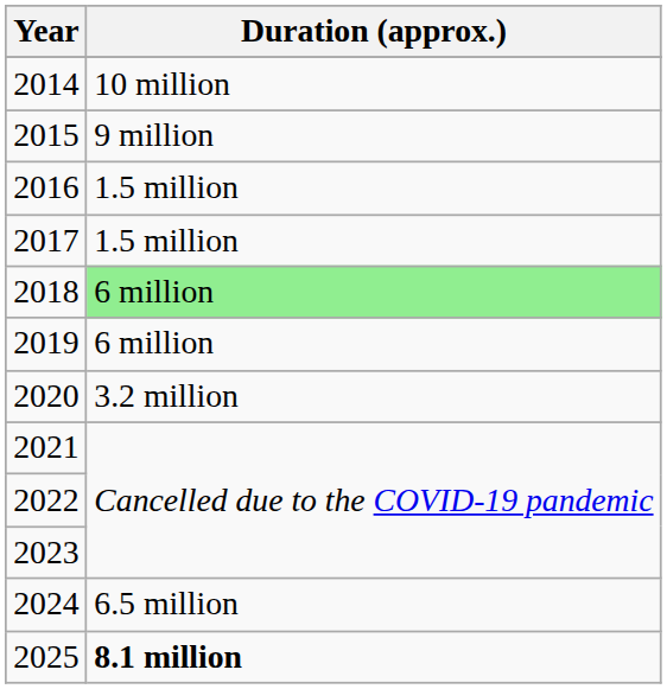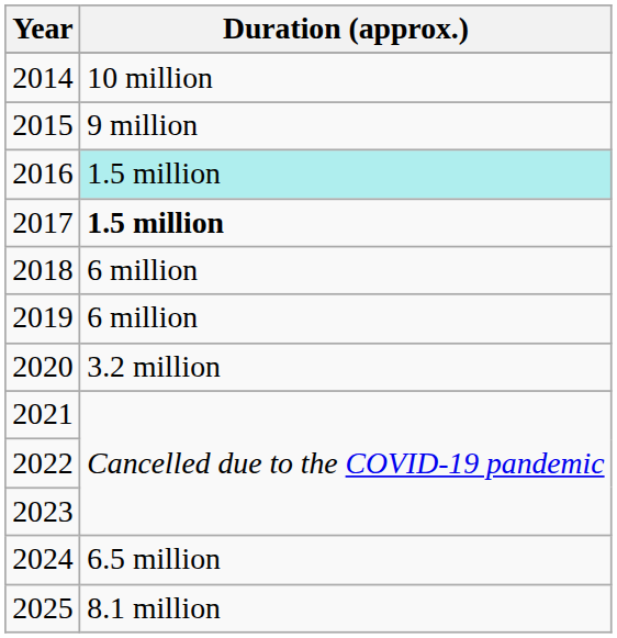 <table class="wikitable sortable">
 <tr>
 <th>Year</th>
 <th>Duration (approx.)</th>
 </tr>
 <tr>
 </tr>
 <tr>
 <td>2014</td>
 <td>10 million</td>
 </tr>
 <tr>
 <td>2015</td>
 <td>9 million</td>
 </tr>
 <tr>
 <td>2016</td>
-<td>1.5 million</td>
+<td style="background: paleturquoise;">1.5 million</td>
 </tr>
 <tr>
 <td>2017</td>
-<td>1.5 million</td>
+<td><strong>1.5 million</strong></td>
 </tr>
 <tr>
 <td>2018</td>
-<td style="background: lightgreen;">6 million</td>
+<td>6 million</td>
 </tr>
 <tr>
 <td>2019</td>
 <td>6 million</td>
 </tr>
 <tr>
 <td>2020</td>
 <td>3.2 million</td>
 </tr>
 <tr>
 <td>2021</td>
 <td rowspan="3"><em>Cancelled due to the <a href='#'>COVID-19 pandemic</a></em></td>
 </tr>
 <tr>
 <td>2022</td>
 </tr>
 <tr>
 <td>2023</td>
 </tr>
 <tr>
 <td>2024</td>
 <td>6.5 million</td>
 </tr>
 <tr>
 <td>2025</td>
-<td><strong>8.1 million</strong></td>
+<td>8.1 million</td>
 </tr>
 </table>
